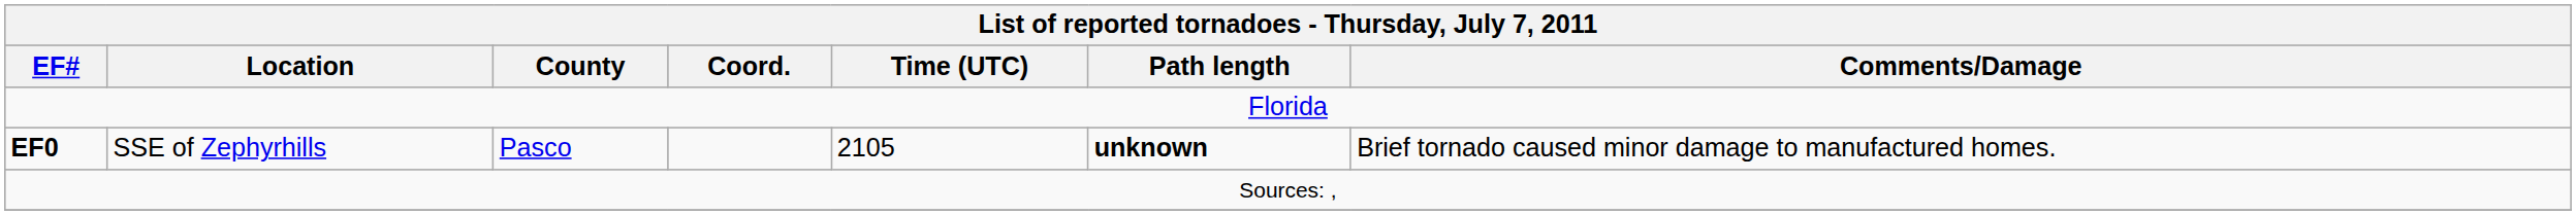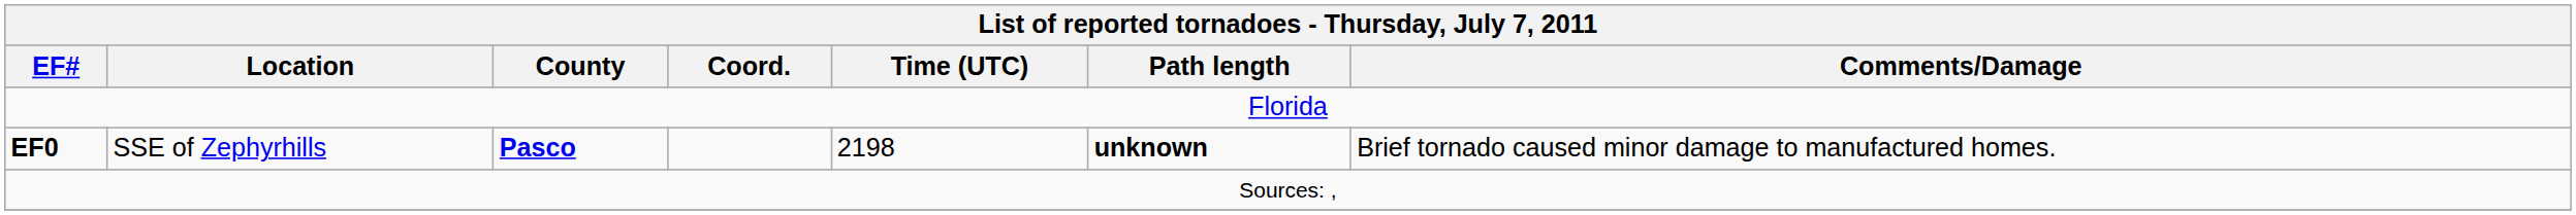 <table class="wikitable collapsible" width="100%">
 <tr>
 <th colspan="7">List of reported tornadoes - Thursday, July 7, 2011</th>
 </tr>
 <tr>
 <th><a href='#'>EF#</a></th>
 <th>Location</th>
 <th>County</th>
 <th>Coord.</th>
 <th>Time (UTC)</th>
 <th>Path length</th>
 <th>Comments/Damage</th>
 </tr>
 <tr>
 <td colspan="7" align=center><a href='#'>Florida</a></td>
 </tr>
 <tr>
 <td><strong>EF0</strong></td>
 <td>SSE of <a href='#'>Zephyrhills</a></td>
-<td><a href='#'>Pasco</a></td>
+<td><strong><a href='#'>Pasco</a></strong></td>
 <td></td>
-<td>2105</td>
+<td>2198</td>
 <td><strong>unknown</strong></td>
 <td>Brief tornado caused minor damage to manufactured homes.</td>
 </tr>
 <tr>
 <td colspan="7" align=center><small>Sources: , </small></td>
 </tr>
 <tr>
 </tr>
 </table>
